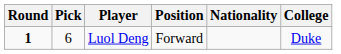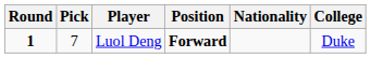 <table class="wikitable sortable sortable">
 <tr>
 <th>Round</th>
 <th>Pick</th>
 <th>Player</th>
 <th>Position</th>
 <th>Nationality</th>
 <th>College</th>
 </tr>
 <tr style="text-align: center">
 <td><strong>1</strong></td>
-<td>6</td>
+<td>7</td>
 <td><a href='#'>Luol Deng</a></td>
-<td>Forward</td>
+<td><strong>Forward</strong></td>
 <td></td>
 <td><a href='#'>Duke</a></td>
 </tr>
 </table>
